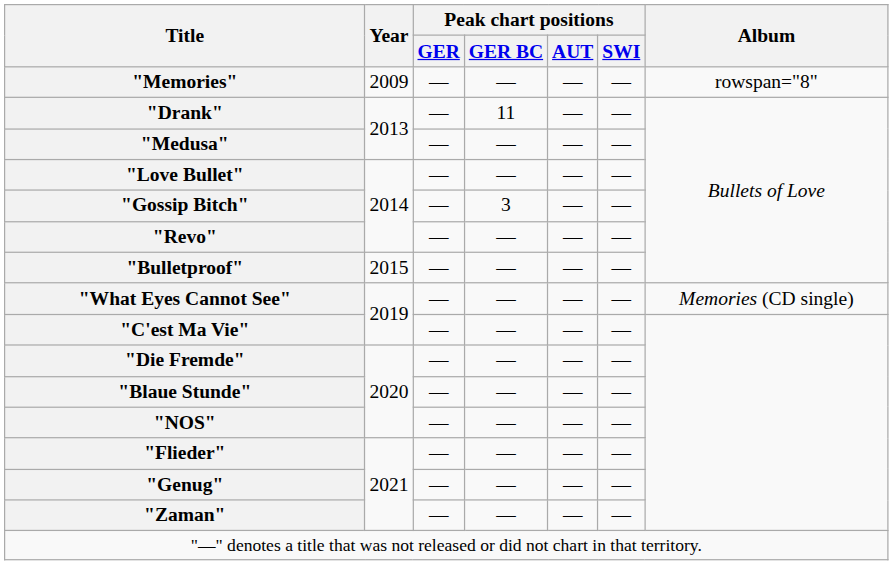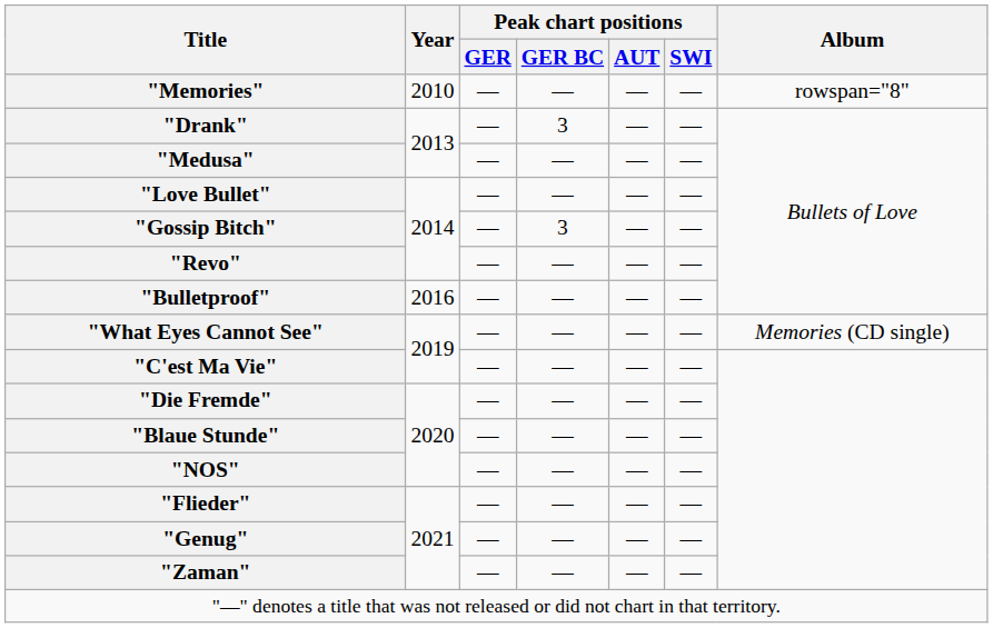 <table class="wikitable plainrowheaders" style="text-align:center;">
 <tr>
 <th scope="col" rowspan="2" style="width:18em;">Title</th>
 <th scope="col" rowspan="2">Year</th>
 <th colspan="4" scope="col">Peak chart positions</th>
 <th scope="col" rowspan="2" style="width:12em;">Album</th>
 </tr>
 <tr>
 <th><a href='#'>GER</a></th>
 <th><a href='#'>GER BC</a></th>
 <th><a href='#'>AUT</a></th>
 <th><a href='#'>SWI</a></th>
 </tr>
 <tr>
 <th scope="row">"Memories"<br></th>
-<td>2009</td>
+<td>2010</td>
 <td>—</td>
 <td>—</td>
 <td>—</td>
 <td>—</td>
 <td>rowspan="8" </td>
 </tr>
 <tr>
 <th scope="row">"Drank"<br></th>
 <td rowspan="2">2013</td>
 <td>—</td>
-<td>11</td>
+<td>3</td>
 <td>—</td>
 <td>—</td>
 <td rowspan="6"><em>Bullets of Love</em></td>
 </tr>
 <tr>
 <th scope="row">"Medusa"<br></th>
 <td>—</td>
 <td>—</td>
 <td>—</td>
 <td>—</td>
 </tr>
 <tr>
 <th scope="row">"Love Bullet"</th>
 <td rowspan="3">2014</td>
 <td>—</td>
 <td>—</td>
 <td>—</td>
 <td>—</td>
 </tr>
 <tr>
 <th scope="row">"Gossip Bitch"</th>
 <td>—</td>
 <td>3</td>
 <td>—</td>
 <td>—</td>
 </tr>
 <tr>
 <th scope="row">"Revo"</th>
 <td>—</td>
 <td>—</td>
 <td>—</td>
 <td>—</td>
 </tr>
 <tr>
 <th scope="row">"Bulletproof"</th>
-<td>2015</td>
+<td>2016</td>
 <td>—</td>
 <td>—</td>
 <td>—</td>
 <td>—</td>
 </tr>
 <tr>
 <th scope="row">"What Eyes Cannot See"</th>
 <td rowspan="2">2019</td>
 <td>—</td>
 <td>—</td>
 <td>—</td>
 <td>—</td>
 <td rowspan="1"><em>Memories</em> (CD single)</td>
 </tr>
 <tr>
 <th scope="row">"C'est Ma Vie"</th>
 <td>—</td>
 <td>—</td>
 <td>—</td>
 <td>—</td>
 </tr>
 <tr>
 <th scope="row">"Die Fremde"</th>
 <td rowspan="3">2020</td>
 <td>—</td>
 <td>—</td>
 <td>—</td>
 <td>—</td>
 </tr>
 <tr>
 <th scope="row">"Blaue Stunde"</th>
 <td>—</td>
 <td>—</td>
 <td>—</td>
 <td>—</td>
 </tr>
 <tr>
 <th scope="row">"NOS"</th>
 <td>—</td>
 <td>—</td>
 <td>—</td>
 <td>—</td>
 </tr>
 <tr>
 <th scope="row">"Flieder"</th>
 <td rowspan="3">2021</td>
 <td>—</td>
 <td>—</td>
 <td>—</td>
 <td>—</td>
 </tr>
 <tr>
 <th scope="row">"Genug"</th>
 <td>—</td>
 <td>—</td>
 <td>—</td>
 <td>—</td>
 </tr>
 <tr>
 <th scope="row">"Zaman"</th>
 <td>—</td>
 <td>—</td>
 <td>—</td>
 <td>—</td>
 </tr>
 <tr>
 <td colspan="16" style="font-size:90%">"—" denotes a title that was not released or did not chart in that territory.</td>
 </tr>
 </table>
